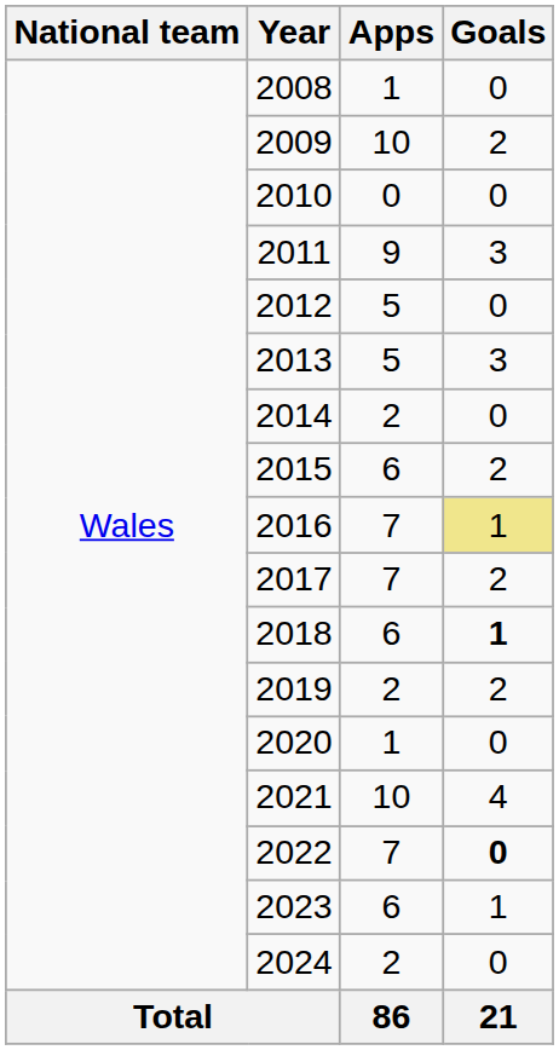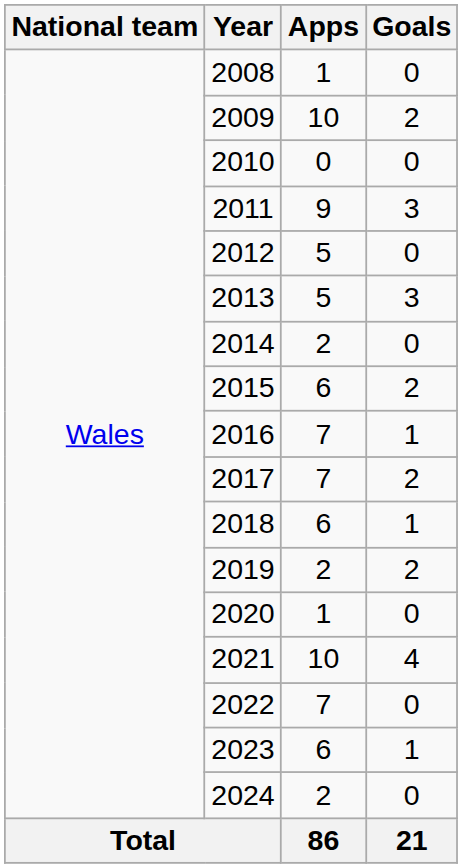 <table class="wikitable" style="text-align:center">
 <tr>
 <th>National team</th>
 <th>Year</th>
 <th>Apps</th>
 <th>Goals</th>
 </tr>
 <tr>
 <td rowspan="17"><a href='#'>Wales</a></td>
 <td>2008</td>
 <td>1</td>
 <td>0</td>
 </tr>
 <tr>
 <td>2009</td>
 <td>10</td>
 <td>2</td>
 </tr>
 <tr>
 <td>2010</td>
 <td>0</td>
 <td>0</td>
 </tr>
 <tr>
 <td>2011</td>
 <td>9</td>
 <td>3</td>
 </tr>
 <tr>
 <td>2012</td>
 <td>5</td>
 <td>0</td>
 </tr>
 <tr>
 <td>2013</td>
 <td>5</td>
 <td>3</td>
 </tr>
 <tr>
 <td>2014</td>
 <td>2</td>
 <td>0</td>
 </tr>
 <tr>
 <td>2015</td>
 <td>6</td>
 <td>2</td>
 </tr>
 <tr>
 <td>2016</td>
 <td>7</td>
-<td style="background: khaki;">1</td>
+<td>1</td>
 </tr>
 <tr>
 <td>2017</td>
 <td>7</td>
 <td>2</td>
 </tr>
 <tr>
 <td>2018</td>
 <td>6</td>
-<td><strong>1</strong></td>
+<td>1</td>
 </tr>
 <tr>
 <td>2019</td>
 <td>2</td>
 <td>2</td>
 </tr>
 <tr>
 <td>2020</td>
 <td>1</td>
 <td>0</td>
 </tr>
 <tr>
 <td>2021</td>
 <td>10</td>
 <td>4</td>
 </tr>
 <tr>
 <td>2022</td>
 <td>7</td>
-<td><strong>0</strong></td>
+<td>0</td>
 </tr>
 <tr>
 <td>2023</td>
 <td>6</td>
 <td>1</td>
 </tr>
 <tr>
 <td>2024</td>
 <td>2</td>
 <td>0</td>
 </tr>
 <tr>
 <th colspan="2">Total</th>
 <th>86</th>
 <th>21</th>
 </tr>
 </table>
